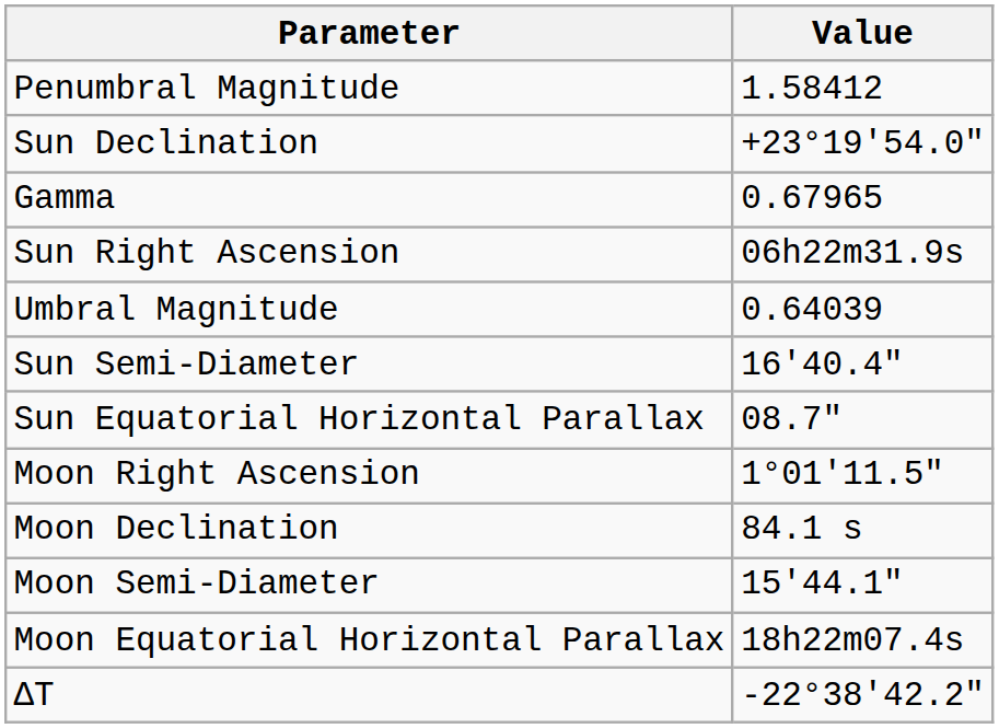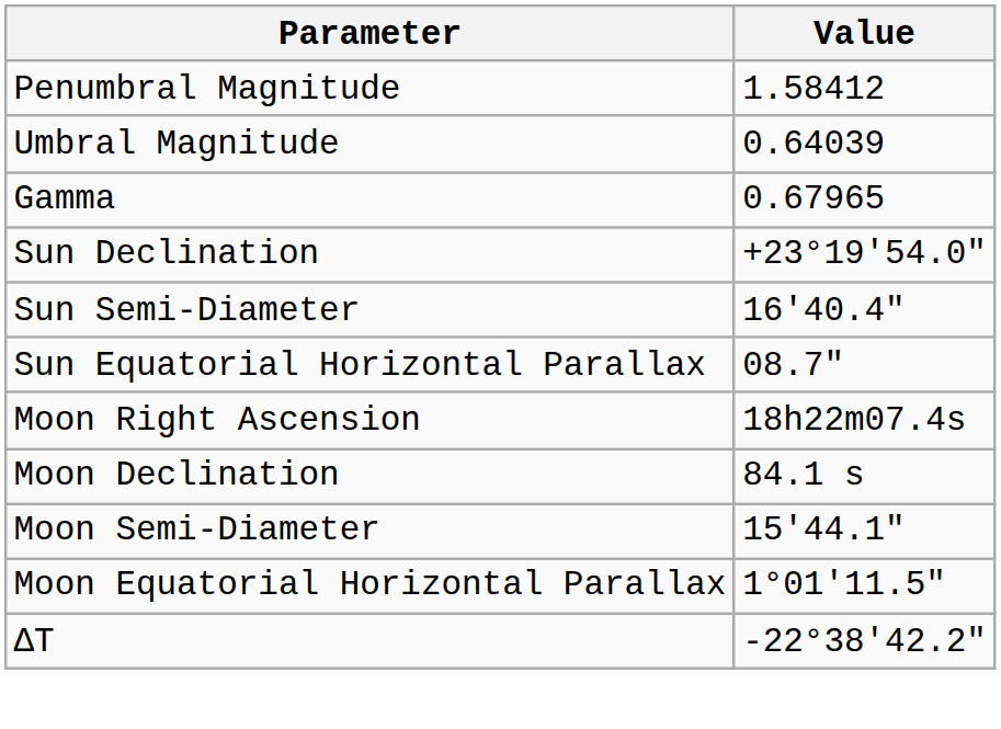 <table class="wikitable">
 <tr>
 <th>Parameter</th>
 <th>Value</th>
 </tr>
 <tr>
 <td>Penumbral Magnitude</td>
 <td>1.58412</td>
 </tr>
 <tr>
-<td>Sun Declination</td>
-<td>+23°19'54.0"</td>
+<td>Umbral Magnitude</td>
+<td>0.64039</td>
 </tr>
 <tr>
 <td>Gamma</td>
 <td>0.67965</td>
 </tr>
 <tr>
-<td>Sun Right Ascension</td>
-<td>06h22m31.9s</td>
-</tr>
-<tr>
-<td>Umbral Magnitude</td>
-<td>0.64039</td>
+<td>Sun Declination</td>
+<td>+23°19'54.0"</td>
 </tr>
 <tr>
 <td>Sun Semi-Diameter</td>
 <td>16'40.4"</td>
 </tr>
 <tr>
 <td>Sun Equatorial Horizontal Parallax</td>
 <td>08.7"</td>
 </tr>
 <tr>
 <td>Moon Right Ascension</td>
-<td>1°01'11.5"</td>
+<td>18h22m07.4s</td>
 </tr>
 <tr>
 <td>Moon Declination</td>
 <td>84.1 s</td>
 </tr>
 <tr>
 <td>Moon Semi-Diameter</td>
 <td>15'44.1"</td>
 </tr>
 <tr>
 <td>Moon Equatorial Horizontal Parallax</td>
-<td>18h22m07.4s</td>
+<td>1°01'11.5"</td>
 </tr>
 <tr>
 <td>ΔT</td>
 <td>-22°38'42.2"</td>
 </tr>
 </table>
